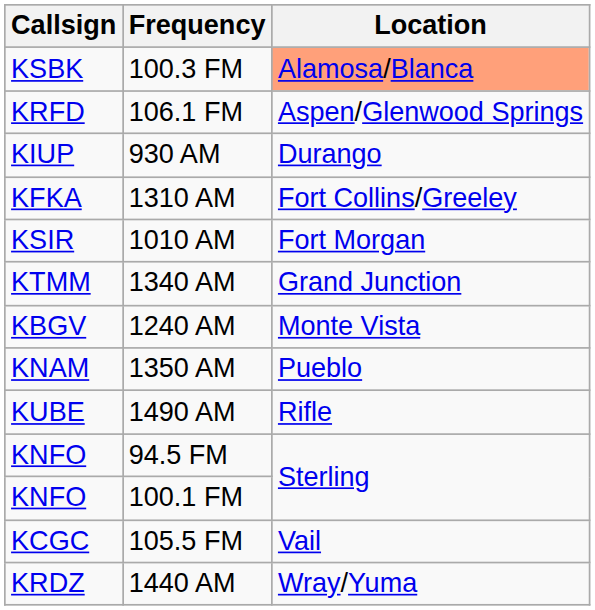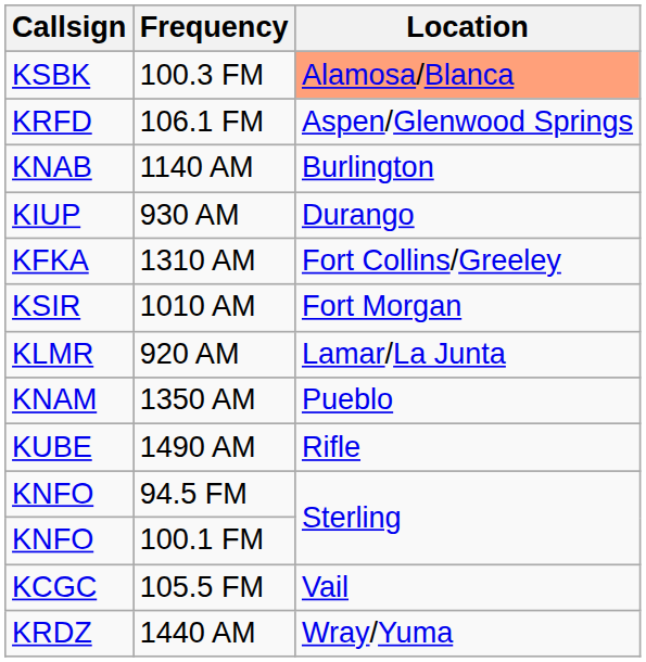 <table class="wikitable">
 <tr>
 <th>Callsign</th>
 <th>Frequency</th>
 <th>Location</th>
 </tr>
 <tr>
 <td><a href='#'>KSBK</a></td>
 <td>100.3 FM</td>
 <td style="background: lightsalmon;"><a href='#'>Alamosa</a>/<a href='#'>Blanca</a></td>
 </tr>
 <tr>
 <td><a href='#'>KRFD</a></td>
 <td>106.1 FM</td>
 <td><a href='#'>Aspen</a>/<a href='#'>Glenwood Springs</a></td>
 </tr>
 <tr>
+<td><a href='#'>KNAB</a></td>
+<td>1140 AM</td>
+<td><a href='#'>Burlington</a></td>
+</tr>
+<tr>
 <td><a href='#'>KIUP</a></td>
 <td>930 AM</td>
 <td><a href='#'>Durango</a></td>
 </tr>
 <tr>
 <td><a href='#'>KFKA</a></td>
 <td>1310 AM</td>
 <td><a href='#'>Fort Collins</a>/<a href='#'>Greeley</a></td>
 </tr>
 <tr>
 <td><a href='#'>KSIR</a></td>
 <td>1010 AM</td>
 <td><a href='#'>Fort Morgan</a></td>
 </tr>
 <tr>
-<td><a href='#'>KTMM</a></td>
-<td>1340 AM</td>
-<td><a href='#'>Grand Junction</a></td>
-</tr>
-<tr>
-<td><a href='#'>KBGV</a></td>
-<td>1240 AM</td>
-<td><a href='#'>Monte Vista</a></td>
+<td><a href='#'>KLMR</a></td>
+<td>920 AM</td>
+<td><a href='#'>Lamar</a>/<a href='#'>La Junta</a></td>
 </tr>
 <tr>
 <td><a href='#'>KNAM</a></td>
 <td>1350 AM</td>
 <td><a href='#'>Pueblo</a></td>
 </tr>
 <tr>
 <td><a href='#'>KUBE</a></td>
 <td>1490 AM</td>
 <td><a href='#'>Rifle</a></td>
 </tr>
 <tr>
 <td><a href='#'>KNFO</a></td>
 <td>94.5 FM</td>
 <td rowspan="2"><a href='#'>Sterling</a></td>
 </tr>
 <tr>
 <td><a href='#'>KNFO</a></td>
 <td>100.1 FM</td>
 </tr>
 <tr>
 <td><a href='#'>KCGC</a></td>
 <td>105.5 FM</td>
 <td><a href='#'>Vail</a></td>
 </tr>
 <tr>
 <td><a href='#'>KRDZ</a></td>
 <td>1440 AM</td>
 <td><a href='#'>Wray</a>/<a href='#'>Yuma</a></td>
 </tr>
 </table>
